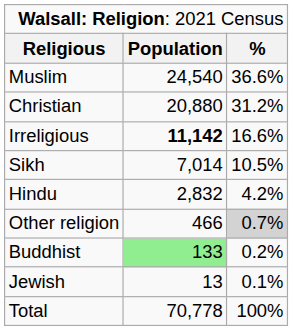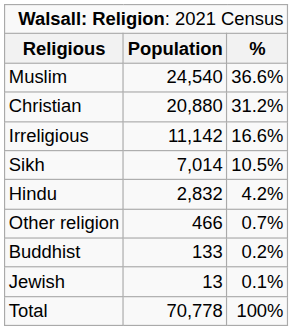 <table class="wikitable">
 <tr>
 <td colspan="14" style="text-align:right;"><strong>Walsall: Religion</strong>: 2021 Census</td>
 </tr>
 <tr>
 <th>Religious</th>
 <th>Population</th>
 <th>%</th>
 </tr>
 <tr>
 <td>Muslim</td>
 <td style="text-align:right;">24,540</td>
 <td style="text-align:right;">36.6%</td>
 </tr>
 <tr>
 <td>Christian</td>
 <td style="text-align:right;">20,880</td>
 <td style="text-align:right;">31.2%</td>
 </tr>
 <tr>
 <td>Irreligious</td>
-<td style="text-align:right;"><strong>11,142</strong></td>
+<td style="text-align:right;">11,142</td>
 <td style="text-align:right;">16.6%</td>
 </tr>
 <tr>
 <td>Sikh</td>
 <td style="text-align:right;">7,014</td>
 <td style="text-align:right;">10.5%</td>
 </tr>
 <tr>
 <td>Hindu</td>
 <td style="text-align:right;">2,832</td>
 <td style="text-align:right;">4.2%</td>
 </tr>
 <tr>
 <td>Other religion</td>
 <td style="text-align:right;">466</td>
-<td style="background: lightgrey; text-align:right;">0.7%</td>
+<td style="text-align:right;">0.7%</td>
 </tr>
 <tr>
 <td>Buddhist</td>
-<td style="background: lightgreen; text-align:right;">133</td>
+<td style="text-align:right;">133</td>
 <td style="text-align:right;">0.2%</td>
 </tr>
 <tr>
 <td>Jewish</td>
 <td style="text-align:right;">13</td>
 <td style="text-align:right;">0.1%</td>
 </tr>
 <tr>
 <td>Total</td>
 <td style="text-align:right;">70,778</td>
 <td style="text-align:right;">100%</td>
 </tr>
 </table>
